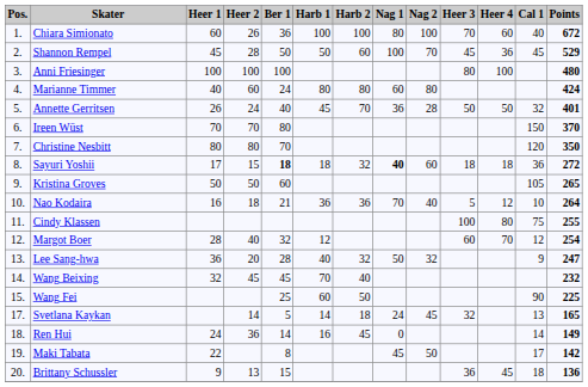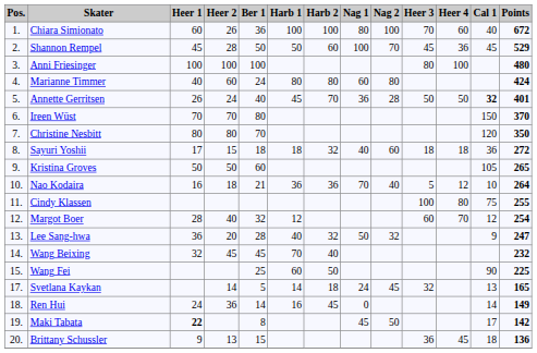 <table bgcolor="#f7f8ff" cellpadding="3" cellspacing="0" border="1" style="font-size: 95%; border: gray solid 1px; border-collapse: collapse;">
 <tr bgcolor="#CCCCCC">
 <td align="center" width="10"><strong>Pos.</strong></td>
 <td align="center" width="200"><strong>Skater</strong></td>
 <td align="center" width="20"><strong>Heer 1</strong></td>
 <td align="center" width="20"><strong>Heer 2</strong></td>
 <td align="center" width="20"><strong>Ber 1</strong></td>
 <td align="center" width="20"><strong>Harb 1</strong></td>
 <td align="center" width="20"><strong>Harb 2</strong></td>
 <td align="center" width="20"><strong>Nag 1</strong></td>
 <td align="center" width="20"><strong>Nag 2</strong></td>
 <td align="center" width="20"><strong>Heer 3</strong></td>
 <td align="center" width="20"><strong>Heer 4</strong></td>
 <td align="center" width="20"><strong>Cal 1</strong></td>
 <td align="center" width="20"><strong>Points</strong></td>
 </tr>
 <tr align="left">
 <td align="center">1.</td>
 <td> <a href='#'>Chiara Simionato</a></td>
 <td align="right">60</td>
 <td align="right">26</td>
 <td align="right">36</td>
 <td align="right">100</td>
 <td align="right">100</td>
 <td align="right">80</td>
 <td align="right">100</td>
 <td align="right">70</td>
 <td align="right">60</td>
 <td align="right">40</td>
 <td align="right"><strong>672</strong></td>
 </tr>
 <tr align="left">
 <td align="center">2.</td>
 <td> <a href='#'>Shannon Rempel</a></td>
 <td align="right">45</td>
 <td align="right">28</td>
 <td align="right">50</td>
 <td align="right">50</td>
 <td align="right">60</td>
 <td align="right">100</td>
 <td align="right">70</td>
 <td align="right">45</td>
 <td align="right">36</td>
 <td align="right">45</td>
 <td align="right"><strong>529</strong></td>
 </tr>
 <tr align="left">
 <td align="center">3.</td>
 <td> <a href='#'>Anni Friesinger</a></td>
 <td align="right">100</td>
 <td align="right">100</td>
 <td align="right">100</td>
 <td align="right"></td>
 <td align="right"></td>
 <td align="right"></td>
 <td align="right"></td>
 <td align="right">80</td>
 <td align="right">100</td>
 <td align="right"></td>
 <td align="right"><strong> 480</strong></td>
 </tr>
 <tr align="left">
 <td align="center">4.</td>
 <td> <a href='#'>Marianne Timmer</a></td>
 <td align="right">40</td>
 <td align="right">60</td>
 <td align="right">24</td>
 <td align="right">80</td>
 <td align="right">80</td>
 <td align="right">60</td>
 <td align="right">80</td>
 <td align="right"></td>
 <td align="right"></td>
 <td align="right"></td>
 <td align="right"><strong>424</strong></td>
 </tr>
 <tr align="left">
 <td align="center">5.</td>
 <td> <a href='#'>Annette Gerritsen</a></td>
 <td align="right">26</td>
 <td align="right">24</td>
 <td align="right">40</td>
 <td align="right">45</td>
 <td align="right">70</td>
 <td align="right">36</td>
 <td align="right">28</td>
 <td align="right">50</td>
 <td align="right">50</td>
-<td align="right">32</td>
+<td align="right"><strong>32</strong></td>
 <td align="right"><strong>401</strong></td>
 </tr>
 <tr align="left">
 <td align="center">6.</td>
 <td> <a href='#'>Ireen Wüst</a></td>
 <td align="right">70</td>
 <td align="right">70</td>
 <td align="right">80</td>
 <td align="right"></td>
 <td align="right"></td>
 <td align="right"></td>
 <td align="right"></td>
 <td align="right"></td>
 <td align="right"></td>
 <td align="right">150</td>
 <td align="right"><strong>370</strong></td>
 </tr>
 <tr align="left">
 <td align="center">7.</td>
 <td> <a href='#'>Christine Nesbitt</a></td>
 <td align="right">80</td>
 <td align="right">80</td>
 <td align="right">70</td>
 <td align="right"></td>
 <td align="right"></td>
 <td align="right"></td>
 <td align="right"></td>
 <td align="right"></td>
 <td align="right"></td>
 <td align="right">120</td>
 <td align="right"><strong>350</strong></td>
 </tr>
 <tr align="left">
 <td align="center">8.</td>
 <td> <a href='#'>Sayuri Yoshii</a></td>
 <td align="right">17</td>
 <td align="right">15</td>
-<td align="right"><strong>18</strong></td>
+<td align="right">18</td>
 <td align="right">18</td>
 <td align="right">32</td>
-<td align="right"><strong>40</strong></td>
+<td align="right">40</td>
 <td align="right">60</td>
 <td align="right">18</td>
 <td align="right">18</td>
 <td align="right">36</td>
 <td align="right"><strong>272</strong></td>
 </tr>
 <tr align="left">
 <td align="center">9.</td>
 <td> <a href='#'>Kristina Groves</a></td>
 <td align="right">50</td>
 <td align="right">50</td>
 <td align="right">60</td>
 <td align="right"></td>
 <td align="right"></td>
 <td align="right"></td>
 <td align="right"></td>
 <td align="right"></td>
 <td align="right"></td>
 <td align="right">105</td>
 <td align="right"><strong>265</strong></td>
 </tr>
 <tr align="left">
 <td align="center">10.</td>
 <td> <a href='#'>Nao Kodaira</a></td>
 <td align="right">16</td>
 <td align="right">18</td>
 <td align="right">21</td>
 <td align="right">36</td>
 <td align="right">36</td>
 <td align="right">70</td>
 <td align="right">40</td>
 <td align="right">5</td>
 <td align="right">12</td>
 <td align="right">10</td>
 <td align="right"><strong>264</strong></td>
 </tr>
 <tr align="left">
 <td align="center">11.</td>
 <td> <a href='#'>Cindy Klassen</a></td>
 <td align="right"></td>
 <td align="right"></td>
 <td align="right"></td>
 <td align="right"></td>
 <td align="right"></td>
 <td align="right"></td>
 <td align="right"></td>
 <td align="right">100</td>
 <td align="right">80</td>
 <td align="right">75</td>
 <td align="right"><strong>255</strong></td>
 </tr>
 <tr align="left">
 <td align="center">12.</td>
 <td> <a href='#'>Margot Boer</a></td>
 <td align="right">28</td>
 <td align="right">40</td>
 <td align="right">32</td>
 <td align="right">12</td>
 <td align="right"></td>
 <td align="right"></td>
 <td align="right"></td>
 <td align="right">60</td>
 <td align="right">70</td>
 <td align="right">12</td>
 <td align="right"><strong>254</strong></td>
 </tr>
 <tr align="left">
 <td align="center">13.</td>
 <td> <a href='#'>Lee Sang-hwa</a></td>
 <td align="right">36</td>
 <td align="right">20</td>
 <td align="right">28</td>
 <td align="right">40</td>
 <td align="right">32</td>
 <td align="right">50</td>
 <td align="right">32</td>
 <td align="right"></td>
 <td align="right"></td>
 <td align="right">9</td>
 <td align="right"><strong>247</strong></td>
 </tr>
 <tr align="left">
 <td align="center">14.</td>
 <td> <a href='#'>Wang Beixing</a></td>
 <td align="right">32</td>
 <td align="right">45</td>
 <td align="right">45</td>
 <td align="right">70</td>
 <td align="right">40</td>
 <td align="right"></td>
 <td align="right"></td>
 <td align="right"></td>
 <td align="right"></td>
 <td align="right"></td>
 <td align="right"><strong>232</strong></td>
 </tr>
 <tr align="left">
 <td align="center">15.</td>
 <td> <a href='#'>Wang Fei</a></td>
 <td align="right"></td>
 <td align="right"></td>
 <td align="right">25</td>
 <td align="right">60</td>
 <td align="right">50</td>
 <td align="right"></td>
 <td align="right"></td>
 <td align="right"></td>
 <td align="right"></td>
 <td align="right">90</td>
 <td align="right"><strong>225</strong></td>
 </tr>
 <tr align="left">
 <td align="center">17.</td>
 <td> <a href='#'>Svetlana Kaykan</a></td>
 <td align="right"></td>
 <td align="right">14</td>
 <td align="right">5</td>
 <td align="right">14</td>
 <td align="right">18</td>
 <td align="right">24</td>
 <td align="right">45</td>
 <td align="right">32</td>
 <td align="right"></td>
 <td align="right">13</td>
 <td align="right"><strong>165</strong></td>
 </tr>
 <tr align="left">
 <td align="center">18.</td>
 <td> <a href='#'>Ren Hui</a></td>
 <td align="right">24</td>
 <td align="right">36</td>
 <td align="right">14</td>
 <td align="right">16</td>
 <td align="right">45</td>
 <td align="right">0</td>
 <td align="right"></td>
 <td align="right"></td>
 <td align="right"></td>
 <td align="right">14</td>
 <td align="right"><strong>149</strong></td>
 </tr>
 <tr align="left">
 <td align="center">19.</td>
 <td> <a href='#'>Maki Tabata</a></td>
-<td align="right">22</td>
+<td align="right"><strong>22</strong></td>
 <td align="right"></td>
 <td align="right">8</td>
 <td align="right"></td>
 <td align="right"></td>
 <td align="right">45</td>
 <td align="right">50</td>
 <td align="right"></td>
 <td align="right"></td>
 <td align="right">17</td>
 <td align="right"><strong>142</strong></td>
 </tr>
 <tr align="left">
 <td align="center">20.</td>
 <td> <a href='#'>Brittany Schussler</a></td>
 <td align="right">9</td>
 <td align="right">13</td>
 <td align="right">15</td>
 <td align="right"></td>
 <td align="right"></td>
 <td align="right"></td>
 <td align="right"></td>
 <td align="right">36</td>
 <td align="right">45</td>
 <td align="right">18</td>
 <td align="right"><strong>136</strong></td>
 </tr>
 <tr>
 </tr>
 </table>
